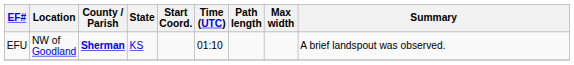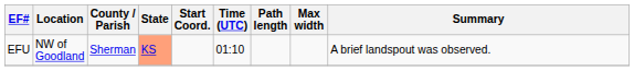 <table class="wikitable sortable" style="width:100%;">
 <tr>
 <th scope="col"  style="width:3%; text-align:center;"><a href='#'>EF#</a></th>
 <th scope="col"  style="width:7%; text-align:center;" class="unsortable">Location</th>
 <th scope="col"  style="width:6%; text-align:center;" class="unsortable">County / Parish</th>
 <th scope="col"  style="width:5%; text-align:center;">State</th>
 <th scope="col"  style="width:6%; text-align:center;">Start Coord.</th>
 <th scope="col"  style="width:6%; text-align:center;">Time (<a href='#'>UTC</a>)</th>
 <th scope="col"  style="width:6%; text-align:center;">Path length</th>
 <th scope="col"  style="width:6%; text-align:center;">Max width</th>
 <th scope="col" class="unsortable" style="width:48%; text-align:center;">Summary</th>
 </tr>
 <tr>
 <td>EFU</td>
 <td>NW of <a href='#'>Goodland</a></td>
-<td><strong><a href='#'>Sherman</a></strong></td>
-<td><a href='#'>KS</a></td>
+<td><a href='#'>Sherman</a></td>
+<td style="background: lightsalmon;"><a href='#'>KS</a></td>
 <td></td>
 <td>01:10</td>
 <td></td>
 <td></td>
 <td>A brief landspout was observed.</td>
 </tr>
 <tr>
 </tr>
 </table>
